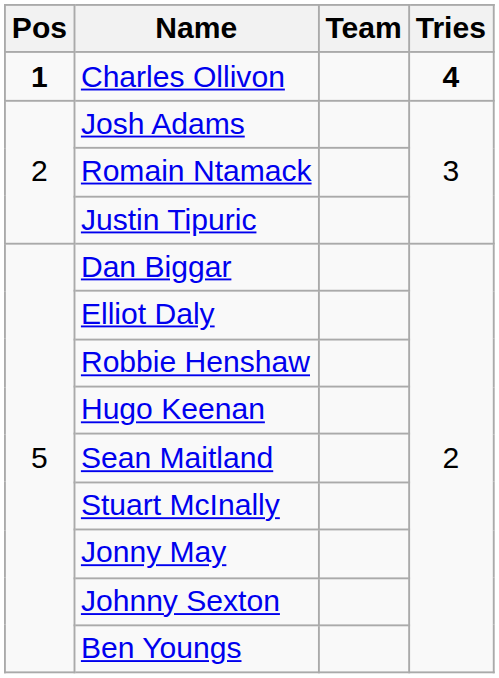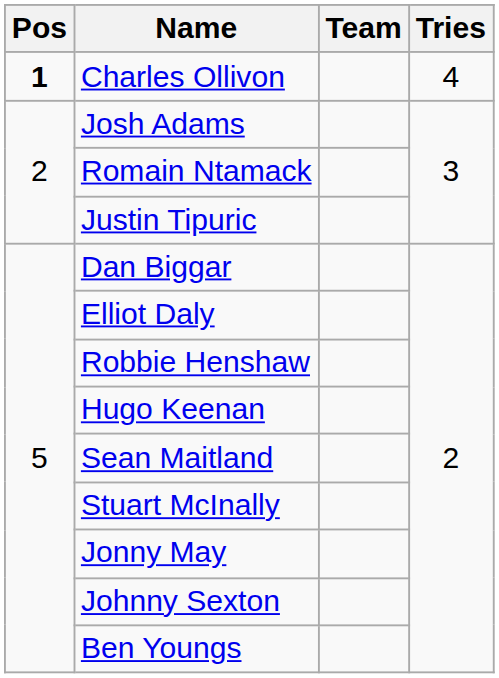 <table class="wikitable" style="text-align:center">
 <tr>
 <th>Pos</th>
 <th>Name</th>
 <th>Team</th>
 <th>Tries</th>
 </tr>
 <tr>
 <td><strong>1</strong></td>
 <td align="left"><a href='#'>Charles Ollivon</a></td>
 <td align="left"></td>
-<td><strong>4</strong></td>
+<td>4</td>
 </tr>
 <tr>
 <td rowspan="3">2</td>
 <td align="left"><a href='#'>Josh Adams</a></td>
 <td align="left"></td>
 <td rowspan="3">3</td>
 </tr>
 <tr>
 <td align="left"><a href='#'>Romain Ntamack</a></td>
 <td align="left"></td>
 </tr>
 <tr>
 <td align="left"><a href='#'>Justin Tipuric</a></td>
 <td align="left"></td>
 </tr>
 <tr>
 <td rowspan="9">5</td>
 <td align="left"><a href='#'>Dan Biggar</a></td>
 <td align="left"></td>
 <td rowspan="9">2</td>
 </tr>
 <tr>
 <td align="left"><a href='#'>Elliot Daly</a></td>
 <td align="left"></td>
 </tr>
 <tr>
 <td align="left"><a href='#'>Robbie Henshaw</a></td>
 <td align="left"></td>
 </tr>
 <tr>
 <td align="left"><a href='#'>Hugo Keenan</a></td>
 <td align="left"></td>
 </tr>
 <tr>
 <td align="left"><a href='#'>Sean Maitland</a></td>
 <td align="left"></td>
 </tr>
 <tr>
 <td align="left"><a href='#'>Stuart McInally</a></td>
 <td align="left"></td>
 </tr>
 <tr>
 <td align="left"><a href='#'>Jonny May</a></td>
 <td align="left"></td>
 </tr>
 <tr>
 <td align="left"><a href='#'>Johnny Sexton</a></td>
 <td align="left"></td>
 </tr>
 <tr>
 <td align="left"><a href='#'>Ben Youngs</a></td>
 <td align="left"></td>
 </tr>
 </table>
